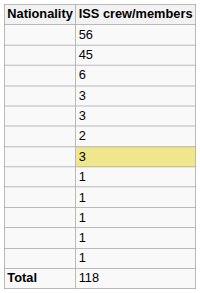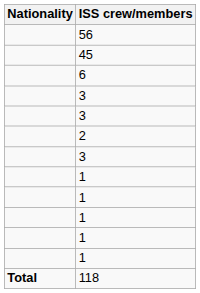 <table class="wikitable">
 <tr>
 <th>Nationality</th>
 <th>ISS crew/members</th>
 </tr>
 <tr>
 <td></td>
 <td>56</td>
 </tr>
 <tr>
 <td></td>
 <td>45</td>
 </tr>
 <tr>
 <td></td>
 <td>6</td>
 </tr>
 <tr>
 <td></td>
 <td>3</td>
 </tr>
 <tr>
 <td></td>
 <td>3</td>
 </tr>
 <tr>
 <td></td>
 <td>2</td>
 </tr>
 <tr>
 <td></td>
-<td style="background: khaki;">3</td>
+<td>3</td>
 </tr>
 <tr>
 <td></td>
 <td>1</td>
 </tr>
 <tr>
 <td></td>
 <td>1</td>
 </tr>
 <tr>
 <td></td>
 <td>1</td>
 </tr>
 <tr>
 <td></td>
 <td>1</td>
 </tr>
 <tr>
 <td></td>
 <td>1</td>
 </tr>
 <tr>
 <td><strong>Total</strong></td>
 <td>118</td>
 </tr>
 </table>
